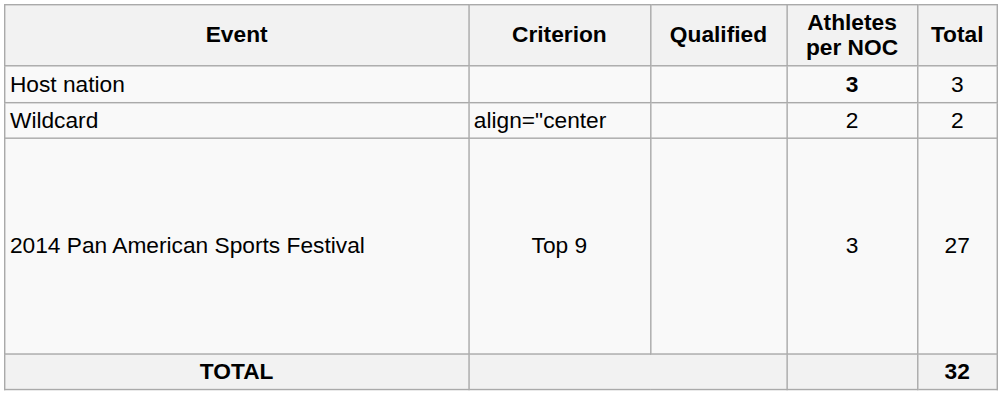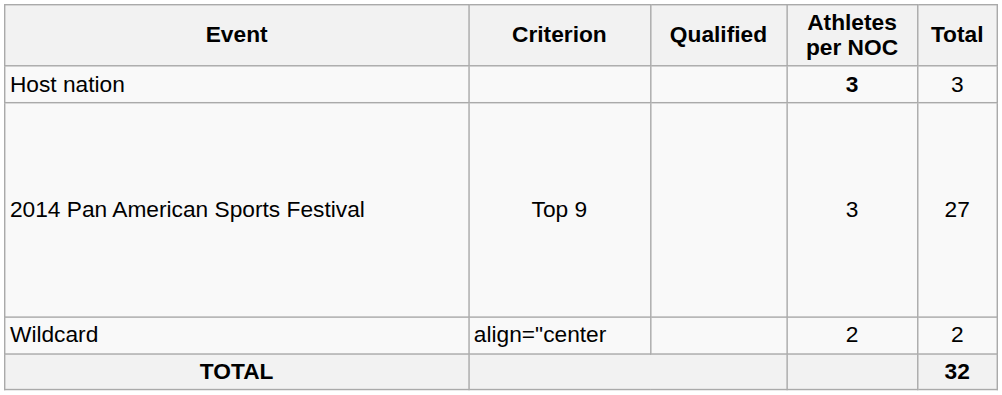 <table class="wikitable" width=700>
 <tr>
 <th>Event</th>
 <th>Criterion</th>
 <th>Qualified</th>
 <th>Athletes<br> per NOC</th>
 <th>Total</th>
 </tr>
 <tr>
 <td>Host nation</td>
 <td></td>
 <td></td>
 <td align="center"><strong>3</strong></td>
 <td align="center">3</td>
 </tr>
 <tr>
+<td>2014 Pan American Sports Festival</td>
+<td align="center">Top 9</td>
+<td><br><br><br><br><br><br><br><br></td>
+<td align="center">3</td>
+<td align="center">27</td>
+</tr>
+<tr>
 <td>Wildcard</td>
 <td>align="center </td>
 <td><br></td>
 <td align="center">2</td>
 <td align="center">2</td>
-</tr>
-<tr>
-<td>2014 Pan American Sports Festival</td>
-<td align="center">Top 9</td>
-<td><br><br><br><br><br><br><br><br></td>
-<td align="center">3</td>
-<td align="center">27</td>
 </tr>
 <tr>
 <th>TOTAL</th>
 <th colspan="2"></th>
 <th></th>
 <th>32</th>
 </tr>
 </table>
